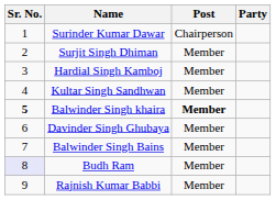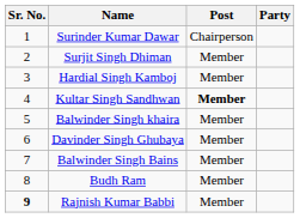 <table class="wikitable sortable">
 <tr>
 <th>Sr. No.</th>
 <th>Name</th>
 <th>Post</th>
 <th colspan="2">Party</th>
 </tr>
 <tr align="center">
 <td>1</td>
 <td><a href='#'>Surinder Kumar Dawar</a></td>
 <td>Chairperson</td>
 <td></td>
 </tr>
 <tr align="center">
 <td>2</td>
 <td><a href='#'>Surjit Singh Dhiman</a></td>
 <td>Member</td>
 <td></td>
 </tr>
 <tr align="center">
 <td>3</td>
 <td><a href='#'>Hardial Singh Kamboj</a></td>
 <td>Member</td>
 <td></td>
 </tr>
 <tr align="center">
 <td>4</td>
 <td><a href='#'>Kultar Singh Sandhwan</a></td>
-<td>Member</td>
+<td><strong>Member</strong></td>
 <td></td>
 </tr>
 <tr align="center">
-<td><strong>5</strong></td>
+<td>5</td>
 <td><a href='#'>Balwinder Singh khaira</a></td>
-<td><strong>Member</strong></td>
+<td>Member</td>
 <td></td>
 </tr>
 <tr align="center">
 <td>6</td>
 <td><a href='#'>Davinder Singh Ghubaya</a></td>
 <td>Member</td>
 <td></td>
 </tr>
 <tr align="center">
 <td>7</td>
 <td><a href='#'>Balwinder Singh Bains</a></td>
 <td>Member</td>
 <td></td>
 </tr>
 <tr align="center">
-<td style="background: lavender;">8</td>
+<td>8</td>
 <td><a href='#'>Budh Ram</a></td>
 <td>Member</td>
 <td></td>
 </tr>
 <tr align="center">
-<td>9</td>
+<td><strong>9</strong></td>
 <td><a href='#'>Rajnish Kumar Babbi</a></td>
 <td>Member</td>
 <td></td>
 </tr>
 </table>
